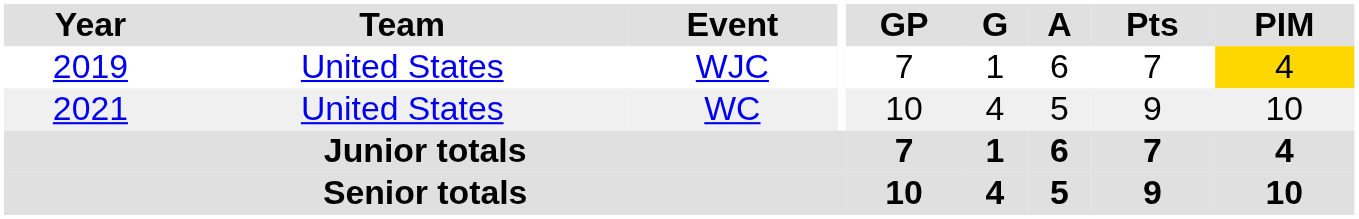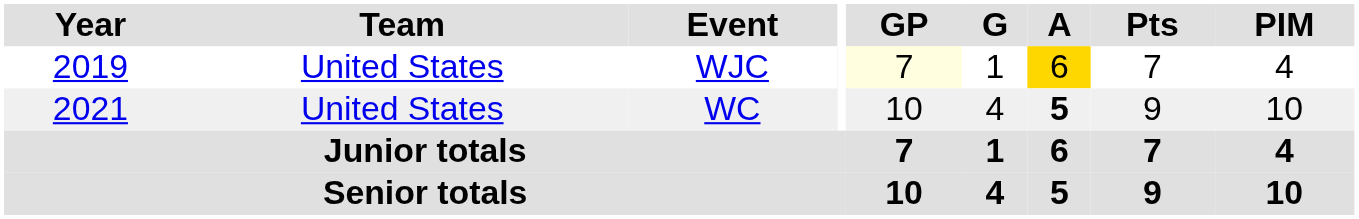 <table border="0" cellpadding="1" cellspacing="0" ID="Table3" style="text-align:center; width:40em">
 <tr bgcolor="#e0e0e0">
 <th>Year</th>
 <th>Team</th>
 <th>Event</th>
 <th rowspan="102" bgcolor="#ffffff"></th>
 <th>GP</th>
 <th>G</th>
 <th>A</th>
 <th>Pts</th>
 <th>PIM</th>
 </tr>
 <tr>
 <td><a href='#'>2019</a></td>
 <td><a href='#'>United States</a></td>
 <td><a href='#'>WJC</a></td>
+<td style="background: lightyellow;">7</td>
+<td>1</td>
+<td style="background: gold;">6</td>
 <td>7</td>
-<td>1</td>
-<td>6</td>
-<td>7</td>
-<td style="background: gold;">4</td>
+<td>4</td>
 </tr>
 <tr bgcolor="#f0f0f0">
 <td><a href='#'>2021</a></td>
 <td><a href='#'>United States</a></td>
 <td><a href='#'>WC</a></td>
 <td>10</td>
 <td>4</td>
-<td>5</td>
+<td><strong>5</strong></td>
 <td>9</td>
 <td>10</td>
 </tr>
 <tr bgcolor="#e0e0e0">
 <th colspan="4">Junior totals</th>
 <th>7</th>
 <th>1</th>
 <th>6</th>
 <th>7</th>
 <th>4</th>
 </tr>
 <tr bgcolor="#e0e0e0">
 <th colspan="4">Senior totals</th>
 <th>10</th>
 <th>4</th>
 <th>5</th>
 <th>9</th>
 <th>10</th>
 </tr>
 </table>
